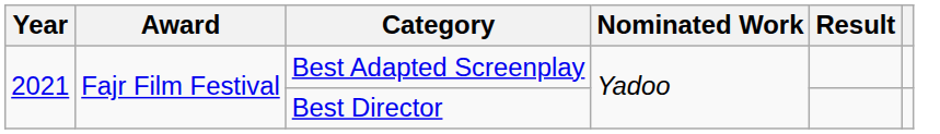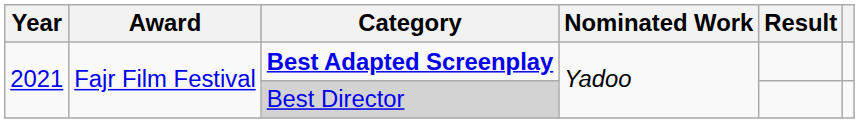 <table class="wikitable sortable">
 <tr>
 <th>Year</th>
 <th>Award</th>
 <th>Category</th>
 <th>Nominated Work</th>
 <th>Result</th>
 <th></th>
 </tr>
 <tr>
 <td rowspan="2"><a href='#'>2021</a></td>
 <td rowspan="2"><a href='#'>Fajr Film Festival</a></td>
-<td><a href='#'>Best Adapted Screenplay</a></td>
+<td><strong><a href='#'>Best Adapted Screenplay</a></strong></td>
 <td rowspan="2"><em>Yadoo</em></td>
 <td></td>
 <td></td>
 </tr>
 <tr>
-<td><a href='#'>Best Director</a></td>
+<td style="background: lightgrey;"><a href='#'>Best Director</a></td>
 <td></td>
 <td></td>
 </tr>
 </table>
